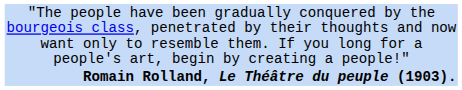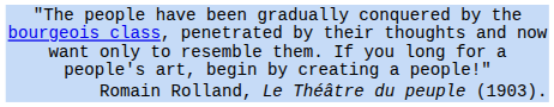 <table class="toccolours" style="float: right; margin-left: 1em; margin-right: 1em; font-size: 85%; background:#c6dbf7; color:black; width:32em; max-width: 35%;" cellspacing="0">
 <tr>
 <td style="text-align: center;">"The people have been gradually conquered by the <a href='#'>bourgeois class</a>, penetrated by their thoughts and now want only to resemble them. If you long for a people's art, begin by creating a people!"</td>
 </tr>
 <tr>
-<td style="text-align: right;"><strong>Romain Rolland, <em>Le Théâtre du peuple</em> (1903).</strong></td>
+<td style="text-align: right;">Romain Rolland, <em>Le Théâtre du peuple</em> (1903).</td>
 </tr>
 </table>
